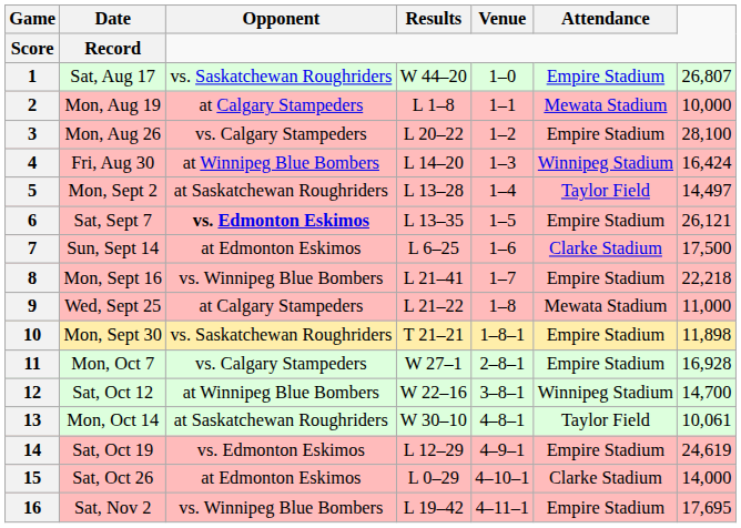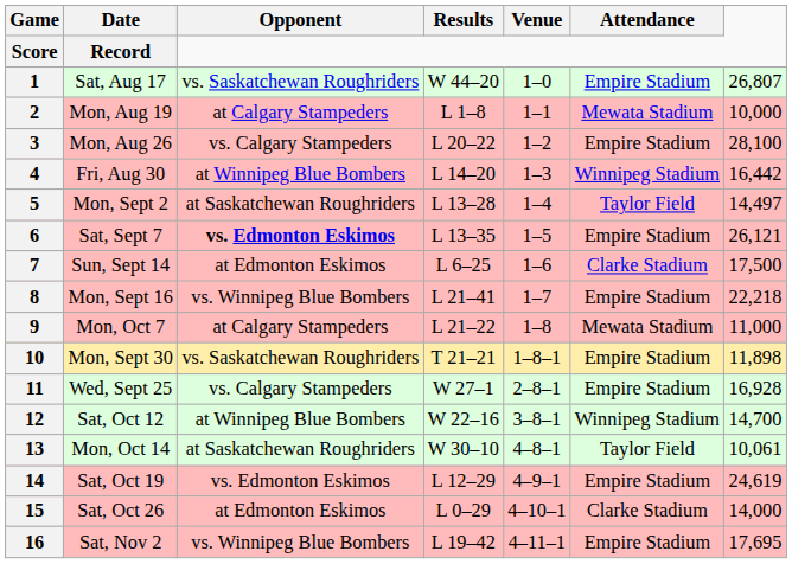 <table class="wikitable" style="text-align:center">
 <tr>
 <th>Game</th>
 <th>Date</th>
 <th>Opponent</th>
 <th>Results</th>
 <th>Venue</th>
 <th>Attendance</th>
 </tr>
 <tr>
 <th>Score</th>
 <th>Record</th>
 </tr>
 <tr style="background:#ddffdd">
 <th>1</th>
 <td>Sat, Aug 17</td>
 <td>vs. <a href='#'>Saskatchewan Roughriders</a></td>
 <td>W 44–20</td>
 <td>1–0</td>
 <td><a href='#'>Empire Stadium</a></td>
 <td>26,807</td>
 </tr>
 <tr style="background:#ffbbbb">
 <th>2</th>
 <td>Mon, Aug 19</td>
 <td>at <a href='#'>Calgary Stampeders</a></td>
 <td>L 1–8</td>
 <td>1–1</td>
 <td><a href='#'>Mewata Stadium</a></td>
 <td>10,000</td>
 </tr>
 <tr style="background:#ffbbbb">
 <th>3</th>
 <td>Mon, Aug 26</td>
 <td>vs. Calgary Stampeders</td>
 <td>L 20–22</td>
 <td>1–2</td>
 <td>Empire Stadium</td>
 <td>28,100</td>
 </tr>
 <tr style="background:#ffbbbb">
 <th>4</th>
 <td>Fri, Aug 30</td>
 <td>at <a href='#'>Winnipeg Blue Bombers</a></td>
 <td>L 14–20</td>
 <td>1–3</td>
 <td><a href='#'>Winnipeg Stadium</a></td>
-<td>16,424</td>
+<td>16,442</td>
 </tr>
 <tr style="background:#ffbbbb">
 <th>5</th>
 <td>Mon, Sept 2</td>
 <td>at Saskatchewan Roughriders</td>
 <td>L 13–28</td>
 <td>1–4</td>
 <td><a href='#'>Taylor Field</a></td>
 <td>14,497</td>
 </tr>
 <tr style="background:#ffbbbb">
 <th>6</th>
 <td>Sat, Sept 7</td>
 <td><strong>vs. <a href='#'>Edmonton Eskimos</a></strong></td>
 <td>L 13–35</td>
 <td>1–5</td>
 <td>Empire Stadium</td>
 <td>26,121</td>
 </tr>
 <tr style="background:#ffbbbb">
 <th>7</th>
 <td>Sun, Sept 14</td>
 <td>at Edmonton Eskimos</td>
 <td>L 6–25</td>
 <td>1–6</td>
 <td><a href='#'>Clarke Stadium</a></td>
 <td>17,500</td>
 </tr>
 <tr style="background:#ffbbbb">
 <th>8</th>
 <td>Mon, Sept 16</td>
 <td>vs. Winnipeg Blue Bombers</td>
 <td>L 21–41</td>
 <td>1–7</td>
 <td>Empire Stadium</td>
 <td>22,218</td>
 </tr>
 <tr style="background:#ffbbbb">
 <th>9</th>
-<td>Wed, Sept 25</td>
+<td>Mon, Oct 7</td>
 <td>at Calgary Stampeders</td>
 <td>L 21–22</td>
 <td>1–8</td>
 <td>Mewata Stadium</td>
 <td>11,000</td>
 </tr>
 <tr style="background:#ffeeaa">
 <th>10</th>
 <td>Mon, Sept 30</td>
 <td>vs. Saskatchewan Roughriders</td>
 <td>T 21–21</td>
 <td>1–8–1</td>
 <td>Empire Stadium</td>
 <td>11,898</td>
 </tr>
 <tr style="background:#ddffdd">
 <th>11</th>
-<td>Mon, Oct 7</td>
+<td>Wed, Sept 25</td>
 <td>vs. Calgary Stampeders</td>
 <td>W 27–1</td>
 <td>2–8–1</td>
 <td>Empire Stadium</td>
 <td>16,928</td>
 </tr>
 <tr style="background:#ddffdd">
 <th>12</th>
 <td>Sat, Oct 12</td>
 <td>at Winnipeg Blue Bombers</td>
 <td>W 22–16</td>
 <td>3–8–1</td>
 <td>Winnipeg Stadium</td>
 <td>14,700</td>
 </tr>
 <tr style="background:#ddffdd">
 <th>13</th>
 <td>Mon, Oct 14</td>
 <td>at Saskatchewan Roughriders</td>
 <td>W 30–10</td>
 <td>4–8–1</td>
 <td>Taylor Field</td>
 <td>10,061</td>
 </tr>
 <tr style="background:#ffbbbb">
 <th>14</th>
 <td>Sat, Oct 19</td>
 <td>vs. Edmonton Eskimos</td>
 <td>L 12–29</td>
 <td>4–9–1</td>
 <td>Empire Stadium</td>
 <td>24,619</td>
 </tr>
 <tr style="background:#ffbbbb">
 <th>15</th>
 <td>Sat, Oct 26</td>
 <td>at Edmonton Eskimos</td>
 <td>L 0–29</td>
 <td>4–10–1</td>
 <td>Clarke Stadium</td>
 <td>14,000</td>
 </tr>
 <tr style="background:#ffbbbb">
 <th>16</th>
 <td>Sat, Nov 2</td>
 <td>vs. Winnipeg Blue Bombers</td>
 <td>L 19–42</td>
 <td>4–11–1</td>
 <td>Empire Stadium</td>
 <td>17,695</td>
 </tr>
 </table>
